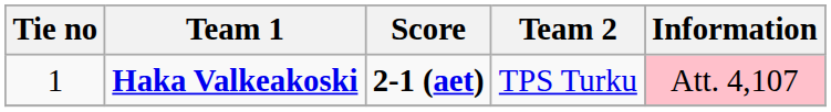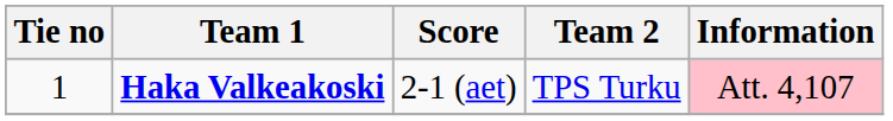 <table class="wikitable" style="text-align:center">
 <tr>
 <th style= width="40px">Tie no</th>
 <th style= width="150px">Team 1</th>
 <th style= width="60px">Score</th>
 <th style= width="150px">Team 2</th>
 <th style= width="30px">Information</th>
 </tr>
 <tr>
 <td>1</td>
 <td><strong><a href='#'>Haka Valkeakoski</a></strong></td>
-<td><strong>2-1 (<a href='#'>aet</a>)</strong></td>
+<td>2-1 (<a href='#'>aet</a>)</td>
 <td><a href='#'>TPS Turku</a></td>
 <td style="background: pink;">Att. 4,107</td>
 </tr>
 <tr>
 </tr>
 </table>
